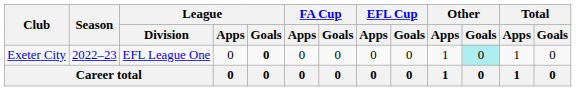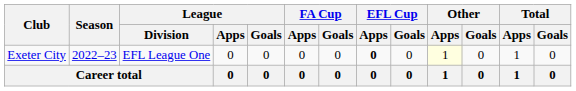 <table class="wikitable" style="text-align:center;">
 <tr>
 <th rowspan="2">Club</th>
 <th rowspan="2">Season</th>
 <th colspan="3">League</th>
 <th colspan="2"><a href='#'>FA Cup</a></th>
 <th colspan="2"><a href='#'>EFL Cup</a></th>
 <th colspan="2">Other</th>
 <th colspan="2">Total</th>
 </tr>
 <tr>
 <th>Division</th>
 <th>Apps</th>
 <th>Goals</th>
 <th>Apps</th>
 <th>Goals</th>
 <th>Apps</th>
 <th>Goals</th>
 <th>Apps</th>
 <th>Goals</th>
 <th>Apps</th>
 <th>Goals</th>
 </tr>
 <tr>
 <td><a href='#'>Exeter City</a></td>
 <td><a href='#'>2022–23</a></td>
 <td><a href='#'>EFL League One</a></td>
 <td>0</td>
-<td><strong>0</strong></td>
 <td>0</td>
 <td>0</td>
 <td>0</td>
+<td><strong>0</strong></td>
 <td>0</td>
-<td>1</td>
-<td style="background: paleturquoise;">0</td>
+<td style="background: lightyellow;">1</td>
+<td>0</td>
 <td>1</td>
 <td>0</td>
 </tr>
 <tr>
 <th colspan="3">Career total</th>
 <th>0</th>
 <th>0</th>
 <th>0</th>
 <th>0</th>
 <th>0</th>
 <th>0</th>
 <th>1</th>
 <th>0</th>
 <th>1</th>
 <th>0</th>
 </tr>
 </table>
